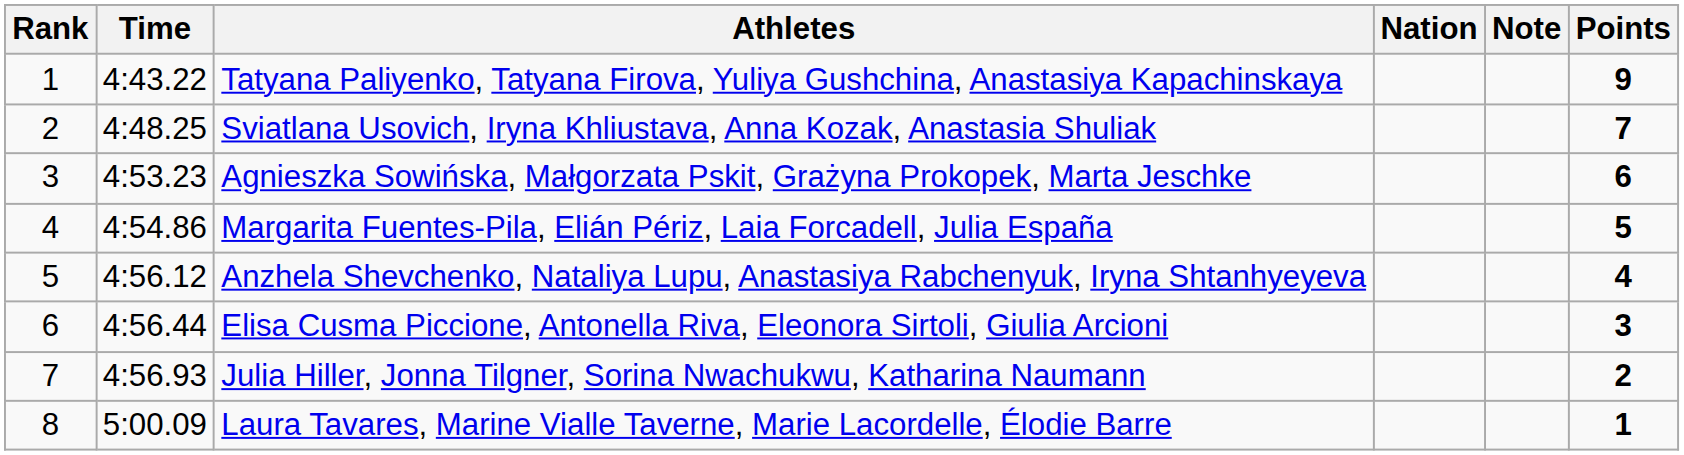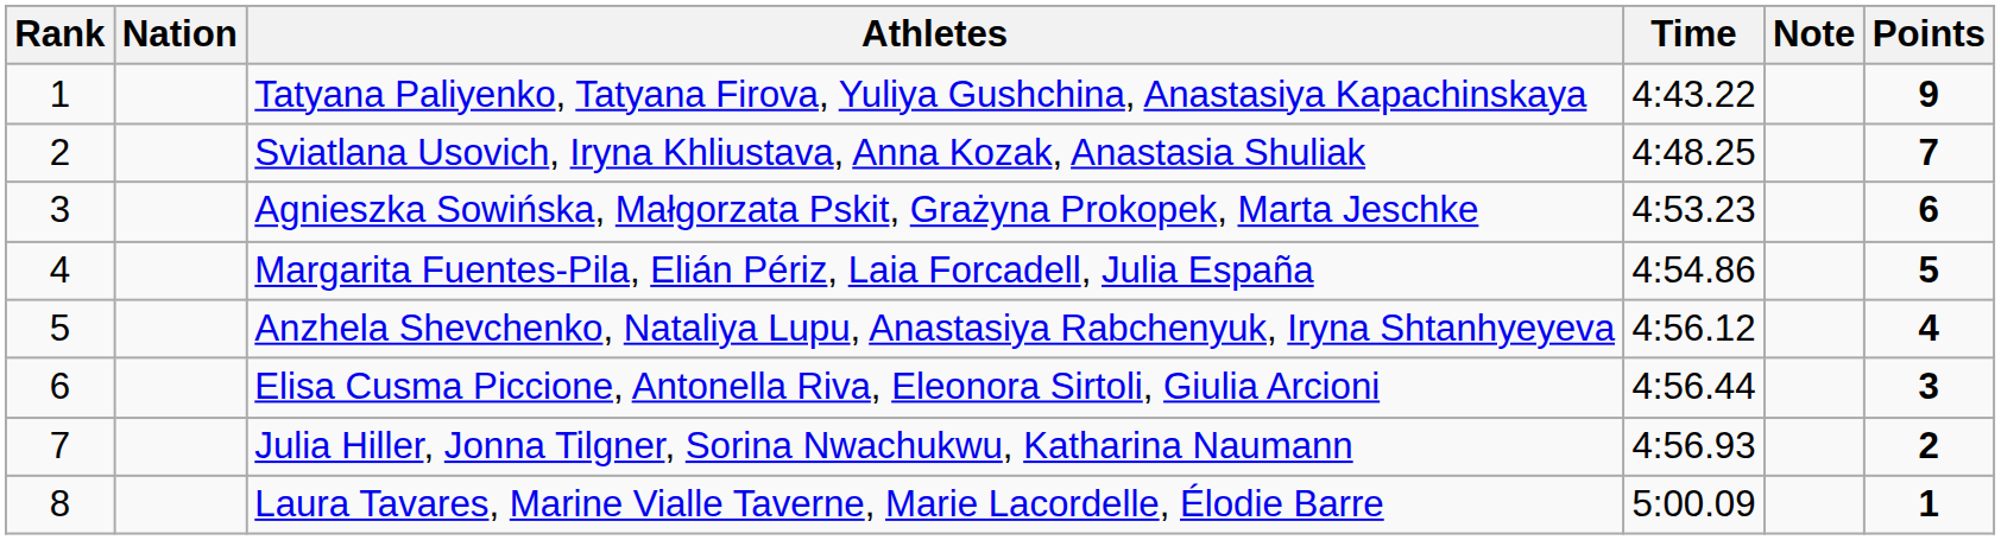 <table class="wikitable sortable" style="text-align:center">
 <tr>
 <th>Rank</th>
+<th>Nation</th>
+<th>Athletes</th>
 <th>Time</th>
-<th>Athletes</th>
-<th>Nation</th>
 <th>Note</th>
 <th>Points</th>
 </tr>
 <tr>
 <td>1</td>
+<td align=left></td>
+<td align=left><a href='#'>Tatyana Paliyenko</a>, <a href='#'>Tatyana Firova</a>, <a href='#'>Yuliya Gushchina</a>, <a href='#'>Anastasiya Kapachinskaya</a></td>
 <td>4:43.22</td>
-<td align=left><a href='#'>Tatyana Paliyenko</a>, <a href='#'>Tatyana Firova</a>, <a href='#'>Yuliya Gushchina</a>, <a href='#'>Anastasiya Kapachinskaya</a></td>
-<td align=left></td>
 <td></td>
 <td><strong>9</strong></td>
 </tr>
 <tr>
 <td>2</td>
+<td align=left></td>
+<td align=left><a href='#'>Sviatlana Usovich</a>, <a href='#'>Iryna Khliustava</a>, <a href='#'>Anna Kozak</a>, <a href='#'>Anastasia Shuliak</a></td>
 <td>4:48.25</td>
-<td align=left><a href='#'>Sviatlana Usovich</a>, <a href='#'>Iryna Khliustava</a>, <a href='#'>Anna Kozak</a>, <a href='#'>Anastasia Shuliak</a></td>
-<td align=left></td>
 <td></td>
 <td><strong>7</strong></td>
 </tr>
 <tr>
 <td>3</td>
+<td align=left></td>
+<td align=left><a href='#'>Agnieszka Sowińska</a>, <a href='#'>Małgorzata Pskit</a>, <a href='#'>Grażyna Prokopek</a>, <a href='#'>Marta Jeschke</a></td>
 <td>4:53.23</td>
-<td align=left><a href='#'>Agnieszka Sowińska</a>, <a href='#'>Małgorzata Pskit</a>, <a href='#'>Grażyna Prokopek</a>, <a href='#'>Marta Jeschke</a></td>
-<td align=left></td>
 <td></td>
 <td><strong>6</strong></td>
 </tr>
 <tr>
 <td>4</td>
+<td align=left></td>
+<td align=left><a href='#'>Margarita Fuentes-Pila</a>, <a href='#'>Elián Périz</a>, <a href='#'>Laia Forcadell</a>, <a href='#'>Julia España</a></td>
 <td>4:54.86</td>
-<td align=left><a href='#'>Margarita Fuentes-Pila</a>, <a href='#'>Elián Périz</a>, <a href='#'>Laia Forcadell</a>, <a href='#'>Julia España</a></td>
-<td align=left></td>
 <td></td>
 <td><strong>5</strong></td>
 </tr>
 <tr>
 <td>5</td>
+<td align=left></td>
+<td align=left><a href='#'>Anzhela Shevchenko</a>, <a href='#'>Nataliya Lupu</a>, <a href='#'>Anastasiya Rabchenyuk</a>, <a href='#'>Iryna Shtanhyeyeva</a></td>
 <td>4:56.12</td>
-<td align=left><a href='#'>Anzhela Shevchenko</a>, <a href='#'>Nataliya Lupu</a>, <a href='#'>Anastasiya Rabchenyuk</a>, <a href='#'>Iryna Shtanhyeyeva</a></td>
-<td align=left></td>
 <td></td>
 <td><strong>4</strong></td>
 </tr>
 <tr>
 <td>6</td>
+<td align=left></td>
+<td align=left><a href='#'>Elisa Cusma Piccione</a>, <a href='#'>Antonella Riva</a>, <a href='#'>Eleonora Sirtoli</a>, <a href='#'>Giulia Arcioni</a></td>
 <td>4:56.44</td>
-<td align=left><a href='#'>Elisa Cusma Piccione</a>, <a href='#'>Antonella Riva</a>, <a href='#'>Eleonora Sirtoli</a>, <a href='#'>Giulia Arcioni</a></td>
-<td align=left></td>
 <td></td>
 <td><strong>3</strong></td>
 </tr>
 <tr>
 <td>7</td>
+<td align=left></td>
+<td align=left><a href='#'>Julia Hiller</a>, <a href='#'>Jonna Tilgner</a>, <a href='#'>Sorina Nwachukwu</a>, <a href='#'>Katharina Naumann</a></td>
 <td>4:56.93</td>
-<td align=left><a href='#'>Julia Hiller</a>, <a href='#'>Jonna Tilgner</a>, <a href='#'>Sorina Nwachukwu</a>, <a href='#'>Katharina Naumann</a></td>
-<td align=left></td>
 <td></td>
 <td><strong>2</strong></td>
 </tr>
 <tr>
 <td>8</td>
+<td align=left></td>
+<td align=left><a href='#'>Laura Tavares</a>, <a href='#'>Marine Vialle Taverne</a>, <a href='#'>Marie Lacordelle</a>, <a href='#'>Élodie Barre</a></td>
 <td>5:00.09</td>
-<td align=left><a href='#'>Laura Tavares</a>, <a href='#'>Marine Vialle Taverne</a>, <a href='#'>Marie Lacordelle</a>, <a href='#'>Élodie Barre</a></td>
-<td align=left></td>
 <td></td>
 <td><strong>1</strong></td>
 </tr>
 </table>
